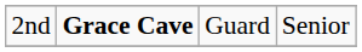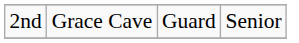 <table class="wikitable" border="1">
 <tr align=center>
 </tr>
 <tr>
 <td>2nd</td>
-<td><strong>Grace Cave</strong></td>
+<td>Grace Cave</td>
 <td>Guard</td>
 <td>Senior</td>
 </tr>
 <tr>
 </tr>
 </table>
